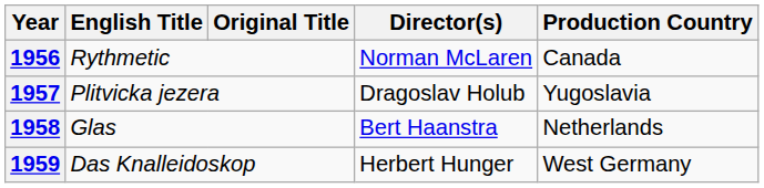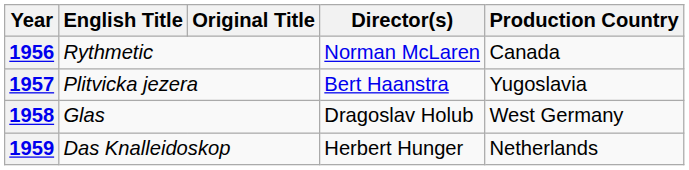 <table class="wikitable">
 <tr>
 <th>Year</th>
 <th>English Title</th>
 <th>Original Title</th>
 <th>Director(s)</th>
 <th>Production Country</th>
 </tr>
 <tr>
 <th><a href='#'>1956</a></th>
 <td colspan="2"><em>Rythmetic</em></td>
 <td><a href='#'>Norman McLaren</a></td>
 <td>Canada</td>
 </tr>
 <tr>
 <th><a href='#'>1957</a></th>
 <td colspan="2"><em>Plitvicka jezera</em></td>
-<td>Dragoslav Holub</td>
+<td><a href='#'>Bert Haanstra</a></td>
 <td>Yugoslavia</td>
 </tr>
 <tr>
 <th><a href='#'>1958</a></th>
 <td colspan="2"><em>Glas</em></td>
-<td><a href='#'>Bert Haanstra</a></td>
-<td>Netherlands</td>
+<td>Dragoslav Holub</td>
+<td>West Germany</td>
 </tr>
 <tr>
 <th><a href='#'>1959</a></th>
 <td colspan="2"><em>Das Knalleidoskop</em></td>
 <td>Herbert Hunger</td>
-<td>West Germany</td>
+<td>Netherlands</td>
 </tr>
 </table>
